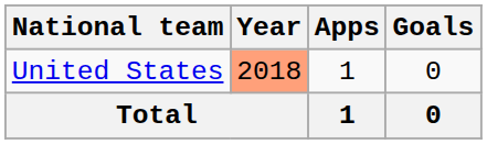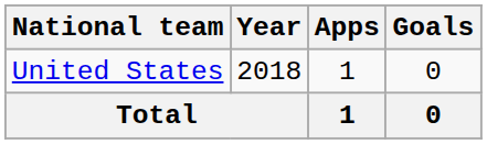 <table class="wikitable" style="text-align:center">
 <tr>
 <th>National team</th>
 <th>Year</th>
 <th>Apps</th>
 <th>Goals</th>
 </tr>
 <tr>
 <td><a href='#'>United States</a></td>
-<td style="background: lightsalmon;">2018</td>
+<td>2018</td>
 <td>1</td>
 <td>0</td>
 </tr>
 <tr>
 <th colspan="2">Total</th>
 <th>1</th>
 <th>0</th>
 </tr>
 </table>
